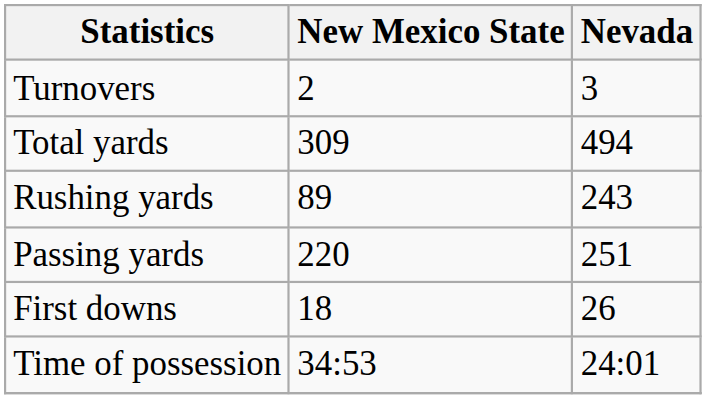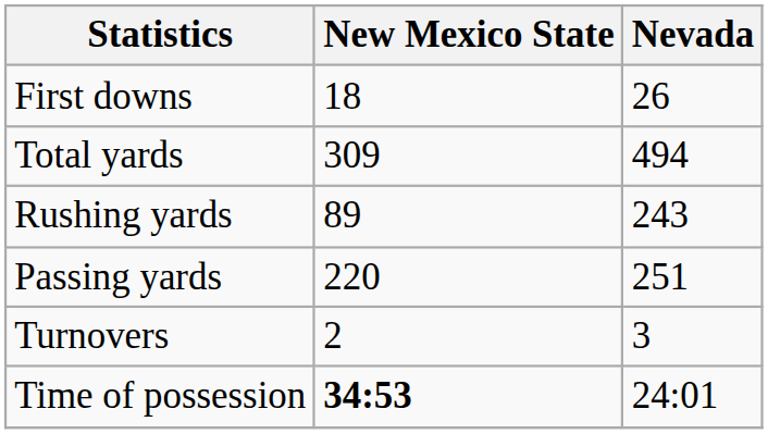 <table class="wikitable">
 <tr>
 <th>Statistics</th>
 <th>New Mexico State</th>
 <th>Nevada</th>
 </tr>
 <tr>
-<td>Turnovers</td>
-<td>2</td>
-<td>3</td>
+<td>First downs</td>
+<td>18</td>
+<td>26</td>
 </tr>
 <tr>
 <td>Total yards</td>
 <td>309</td>
 <td>494</td>
 </tr>
 <tr>
 <td>Rushing yards</td>
 <td>89</td>
 <td>243</td>
 </tr>
 <tr>
 <td>Passing yards</td>
 <td>220</td>
 <td>251</td>
 </tr>
 <tr>
-<td>First downs</td>
-<td>18</td>
-<td>26</td>
+<td>Turnovers</td>
+<td>2</td>
+<td>3</td>
 </tr>
 <tr>
 <td>Time of possession</td>
-<td>34:53</td>
+<td><strong>34:53</strong></td>
 <td>24:01</td>
 </tr>
 <tr>
 </tr>
 </table>
